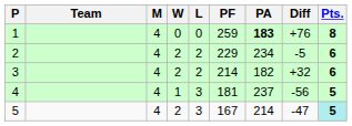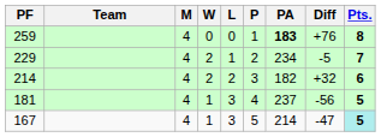 <table class=wikitable>
 <tr align=center>
-<th width=20px>P</th>
+<th width=40px>PF</th>
 <th width=150px>Team</th>
 <th width=20px>M</th>
 <th width=20px>W</th>
 <th width=20px>L</th>
-<th width=40px>PF</th>
+<th width=20px>P</th>
 <th width=40px>PA</th>
 <th width=40px>Diff</th>
 <th width=30px><a href='#'>Pts.</a></th>
 </tr>
 <tr align=center bgcolor="#ccffcc">
-<td>1</td>
+<td>259</td>
 <td align=left></td>
 <td>4</td>
 <td>0</td>
 <td>0</td>
-<td>259</td>
+<td>1</td>
 <td><strong>183</strong></td>
 <td>+76</td>
 <td><strong>8</strong></td>
 </tr>
 <tr align=center bgcolor="#ccffcc">
+<td>229</td>
+<td align=left></td>
+<td>4</td>
 <td>2</td>
+<td>1</td>
+<td>2</td>
+<td>234</td>
+<td>-5</td>
+<td><strong>7</strong></td>
+</tr>
+<tr align=center bgcolor="#ccffcc">
+<td>214</td>
 <td align=left></td>
 <td>4</td>
 <td>2</td>
 <td>2</td>
-<td>229</td>
-<td>234</td>
-<td>-5</td>
-<td><strong>6</strong></td>
-</tr>
-<tr align=center bgcolor="#ccffcc">
 <td>3</td>
-<td align=left></td>
-<td>4</td>
-<td>2</td>
-<td>2</td>
-<td>214</td>
 <td>182</td>
 <td>+32</td>
 <td><strong>6</strong></td>
 </tr>
 <tr align=center bgcolor="#ccffcc">
-<td>4</td>
+<td>181</td>
 <td align=left></td>
 <td>4</td>
 <td>1</td>
 <td>3</td>
-<td>181</td>
+<td>4</td>
 <td>237</td>
 <td>-56</td>
 <td><strong>5</strong></td>
 </tr>
 <tr align=center>
-<td>5</td>
+<td>167</td>
 <td align=left></td>
 <td>4</td>
-<td>2</td>
+<td>1</td>
 <td>3</td>
-<td>167</td>
+<td>5</td>
 <td>214</td>
 <td>-47</td>
 <td style="background: paleturquoise;"><strong>5</strong></td>
 </tr>
 </table>
